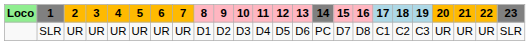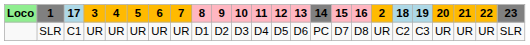 <table class="wikitable plainrowheaders unsortable" style="text-align:center">
 <tr>
 <th style="background:lightgreen;">Loco</th>
 <th style="background:grey;">1</th>
-<th style="background:#FFBA01;">2</th>
+<th style="background:lightblue;">17</th>
 <th style="background:#FFBA01;">3</th>
 <th style="background:#FFBA01;">4</th>
 <th style="background:#FFBA01;">5</th>
 <th style="background:#FFBA01;">6</th>
 <th style="background:#FFBA01;">7</th>
 <th style="background:lightpink;">8</th>
 <th style="background:lightpink;">9</th>
 <th style="background:lightpink;">10</th>
 <th style="background:lightpink;">11</th>
 <th style="background:lightpink;">12</th>
 <th style="background:lightpink;">13</th>
 <th style="background:grey;">14</th>
 <th style="background:lightpink;">15</th>
 <th style="background:lightpink;">16</th>
-<th style="background:lightblue;">17</th>
+<th style="background:#FFBA01;">2</th>
 <th style="background:lightblue;">18</th>
 <th style="background:lightblue;">19</th>
 <th style="background:#FFBA01;">20</th>
 <th style="background:#FFBA01;">21</th>
 <th style="background:#FFBA01;">22</th>
 <th style="background:grey;">23</th>
 </tr>
 <tr>
 <td></td>
 <td>SLR</td>
-<td>UR</td>
+<td>C1</td>
 <td>UR</td>
 <td>UR</td>
 <td>UR</td>
 <td>UR</td>
 <td>UR</td>
 <td>D1</td>
 <td>D2</td>
 <td>D3</td>
 <td>D4</td>
 <td>D5</td>
 <td>D6</td>
 <td>PC</td>
 <td>D7</td>
 <td>D8</td>
-<td>C1</td>
+<td>UR</td>
 <td>C2</td>
 <td>C3</td>
 <td>UR</td>
 <td>UR</td>
 <td>UR</td>
 <td>SLR</td>
 </tr>
 </table>
